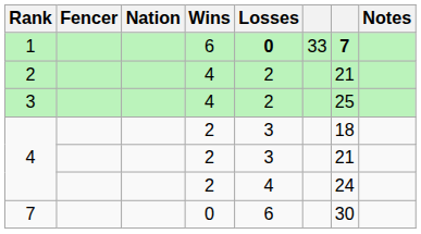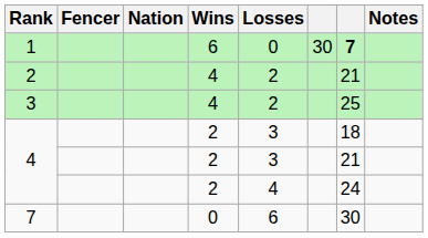 <table class="wikitable sortable" style="text-align: center;">
 <tr>
 <th>Rank</th>
 <th>Fencer</th>
 <th>Nation</th>
 <th>Wins</th>
 <th>Losses</th>
 <th></th>
 <th></th>
 <th>Notes</th>
 </tr>
 <tr style="background:#bbf3bb;">
 <td>1</td>
 <td align=left></td>
 <td align=left></td>
 <td>6</td>
-<td><strong>0</strong></td>
-<td>33</td>
+<td>0</td>
+<td>30</td>
 <td><strong>7</strong></td>
 <td></td>
 </tr>
 <tr style="background:#bbf3bb;">
 <td>2</td>
 <td align=left></td>
 <td align=left></td>
 <td>4</td>
 <td>2</td>
 <td></td>
 <td>21</td>
 <td></td>
 </tr>
 <tr style="background:#bbf3bb;">
 <td>3</td>
 <td align=left></td>
 <td align=left></td>
 <td>4</td>
 <td>2</td>
 <td></td>
 <td>25</td>
 <td></td>
 </tr>
 <tr>
 <td rowspan=3>4</td>
 <td align=left></td>
 <td align=left></td>
 <td>2</td>
 <td>3</td>
 <td></td>
 <td>18</td>
 <td></td>
 </tr>
 <tr>
 <td align=left></td>
 <td align=left></td>
 <td>2</td>
 <td>3</td>
 <td></td>
 <td>21</td>
 <td></td>
 </tr>
 <tr>
 <td align=left></td>
 <td align=left></td>
 <td>2</td>
 <td>4</td>
 <td></td>
 <td>24</td>
 <td></td>
 </tr>
 <tr>
 <td>7</td>
 <td align=left></td>
 <td align=left></td>
 <td>0</td>
 <td>6</td>
 <td></td>
 <td>30</td>
 <td></td>
 </tr>
 </table>
